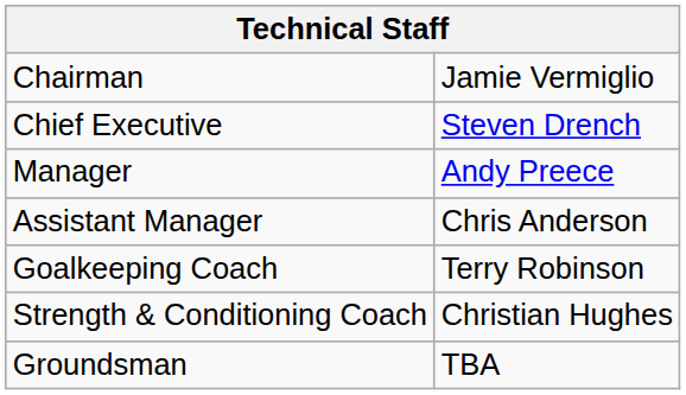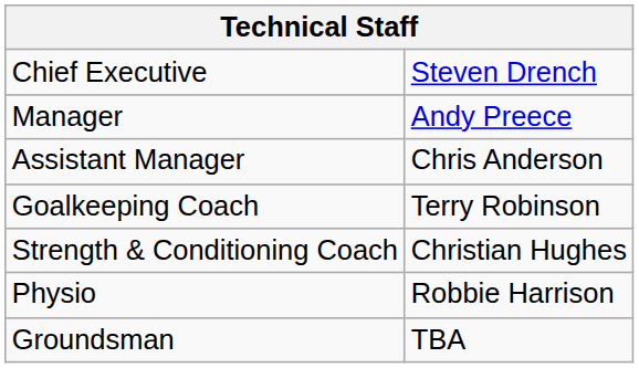 <table class="wikitable">
 <tr>
 <th colspan="2">Technical Staff</th>
-</tr>
-<tr>
-<td>Chairman</td>
-<td>Jamie Vermiglio </td>
 </tr>
 <tr>
 <td>Chief Executive</td>
 <td><a href='#'>Steven Drench</a> </td>
 </tr>
 <tr>
 <td>Manager</td>
 <td><a href='#'>Andy Preece</a> </td>
 </tr>
 <tr>
 <td>Assistant Manager</td>
 <td>Chris Anderson </td>
 </tr>
 <tr>
 <td>Goalkeeping Coach</td>
 <td>Terry Robinson </td>
 </tr>
 <tr>
 <td>Strength & Conditioning Coach</td>
 <td>Christian Hughes </td>
 </tr>
 <tr>
+<td>Physio</td>
+<td>Robbie Harrison </td>
+</tr>
+<tr>
 <td>Groundsman</td>
 <td>TBA</td>
 </tr>
 </table>
